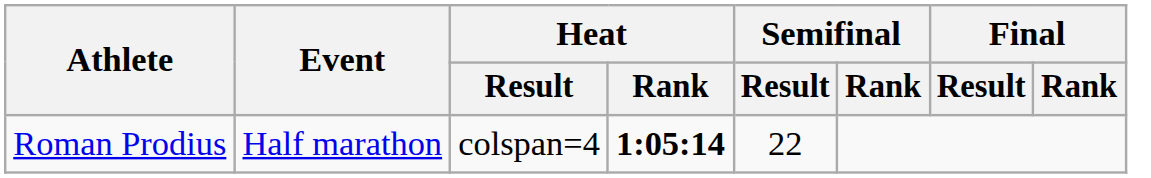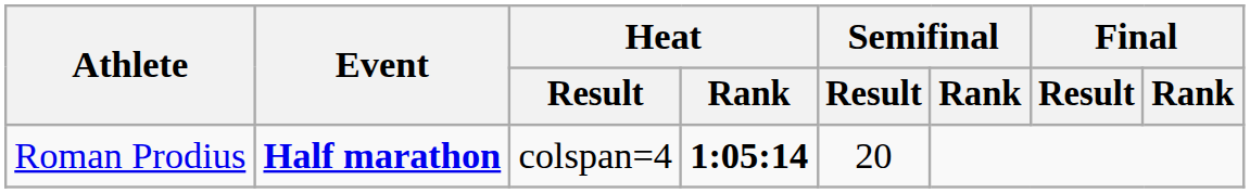 <table class="wikitable" style="font-size:90%">
 <tr>
 <th rowspan=2>Athlete</th>
 <th rowspan=2>Event</th>
 <th colspan=2>Heat</th>
 <th colspan=2>Semifinal</th>
 <th colspan=2>Final</th>
 </tr>
 <tr style="font-size:95%">
 <th>Result</th>
 <th>Rank</th>
 <th>Result</th>
 <th>Rank</th>
 <th>Result</th>
 <th>Rank</th>
 </tr>
 <tr align=center>
 <td align=left><a href='#'>Roman Prodius</a></td>
-<td style="text-align:left;"><a href='#'>Half marathon</a></td>
+<td style="text-align:left;"><strong><a href='#'>Half marathon</a></strong></td>
 <td>colspan=4 </td>
 <td><strong>1:05:14</strong></td>
-<td>22</td>
+<td>20</td>
 </tr>
 </table>
